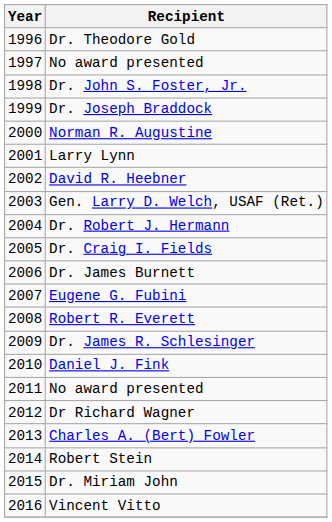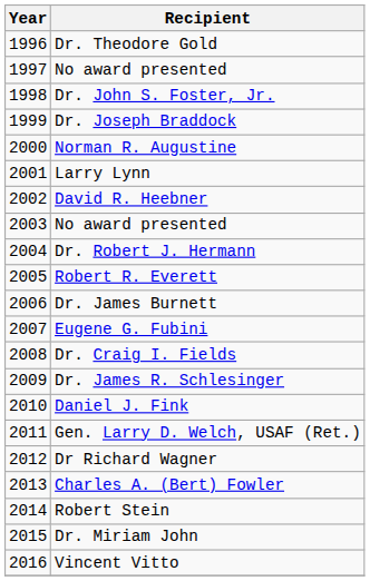 <table class="wikitable">
 <tr>
 <th>Year</th>
 <th>Recipient</th>
 </tr>
 <tr>
 <td>1996</td>
 <td>Dr. Theodore Gold</td>
 </tr>
 <tr>
 <td>1997</td>
 <td>No award presented</td>
 </tr>
 <tr>
 <td>1998</td>
 <td>Dr. <a href='#'>John S. Foster, Jr.</a></td>
 </tr>
 <tr>
 <td>1999</td>
 <td>Dr. <a href='#'>Joseph Braddock</a></td>
 </tr>
 <tr>
 <td>2000</td>
 <td><a href='#'>Norman R. Augustine</a></td>
 </tr>
 <tr>
 <td>2001</td>
 <td>Larry Lynn</td>
 </tr>
 <tr>
 <td>2002</td>
 <td><a href='#'>David R. Heebner</a></td>
 </tr>
 <tr>
 <td>2003</td>
-<td>Gen. <a href='#'>Larry D. Welch</a>, USAF (Ret.)</td>
+<td>No award presented</td>
 </tr>
 <tr>
 <td>2004</td>
 <td>Dr. <a href='#'>Robert J. Hermann</a></td>
 </tr>
 <tr>
 <td>2005</td>
-<td>Dr. <a href='#'>Craig I. Fields</a></td>
+<td><a href='#'>Robert R. Everett</a></td>
 </tr>
 <tr>
 <td>2006</td>
 <td>Dr. James Burnett</td>
 </tr>
 <tr>
 <td>2007</td>
 <td><a href='#'>Eugene G. Fubini</a></td>
 </tr>
 <tr>
 <td>2008</td>
-<td><a href='#'>Robert R. Everett</a></td>
+<td>Dr. <a href='#'>Craig I. Fields</a></td>
 </tr>
 <tr>
 <td>2009</td>
 <td>Dr. <a href='#'>James R. Schlesinger</a></td>
 </tr>
 <tr>
 <td>2010</td>
 <td><a href='#'>Daniel J. Fink</a></td>
 </tr>
 <tr>
 <td>2011</td>
-<td>No award presented</td>
+<td>Gen. <a href='#'>Larry D. Welch</a>, USAF (Ret.)</td>
 </tr>
 <tr>
 <td>2012</td>
 <td>Dr Richard Wagner</td>
 </tr>
 <tr>
 <td>2013</td>
 <td><a href='#'>Charles A. (Bert) Fowler</a></td>
 </tr>
 <tr>
 <td>2014</td>
 <td>Robert Stein</td>
 </tr>
 <tr>
 <td>2015</td>
 <td>Dr. Miriam John</td>
 </tr>
 <tr>
 <td>2016</td>
 <td>Vincent Vitto</td>
 </tr>
 <tr>
 </tr>
 </table>
